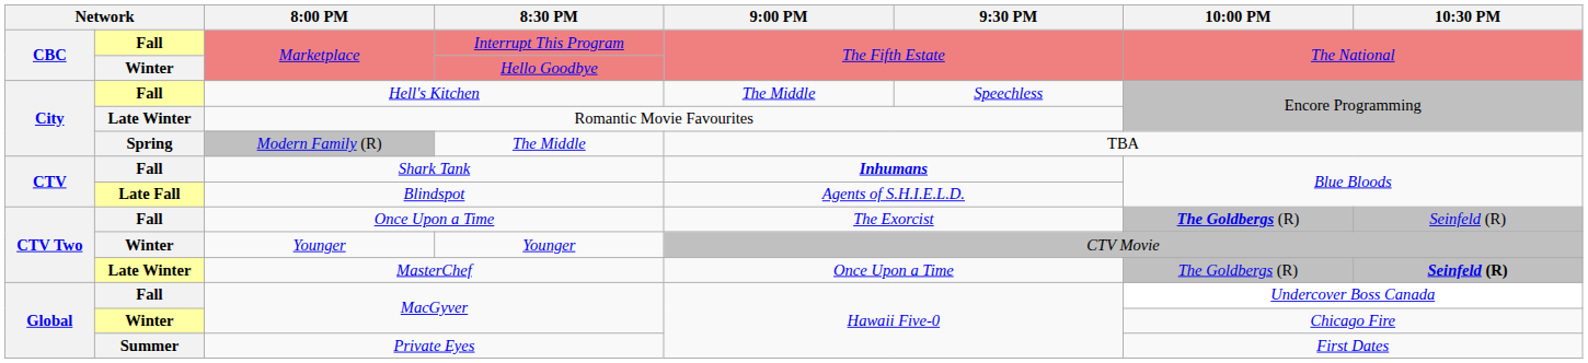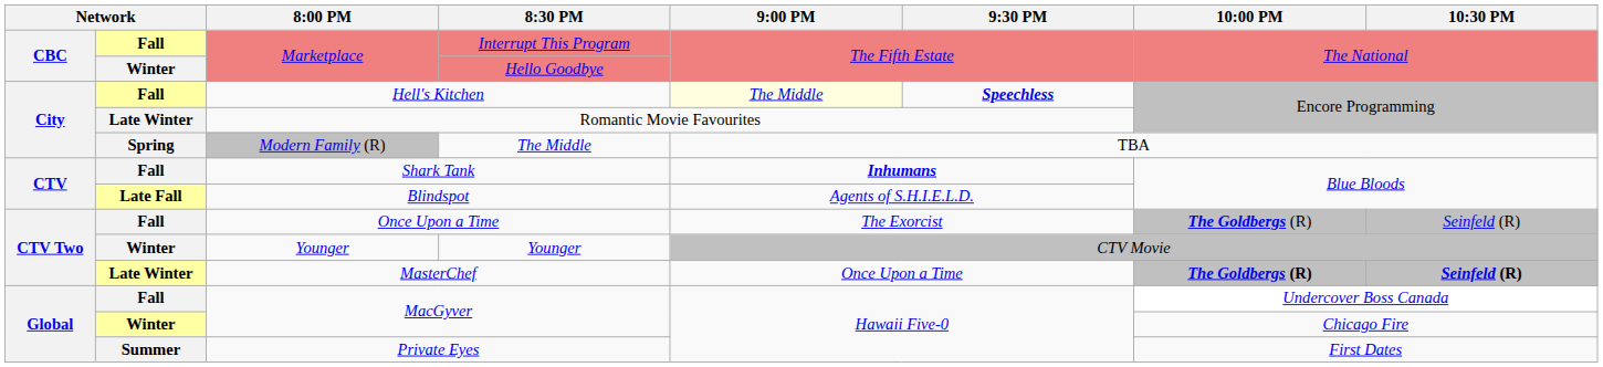 <table class="wikitable" style="width:100%;margin-right:0;text-align:center">
 <tr>
 <th colspan="2" style="width:10%;">Network</th>
 <th style="width:11.5%;">8:00 PM</th>
 <th style="width:11.5%;">8:30 PM</th>
 <th style="width:11.5%;">9:00 PM</th>
 <th style="width:11.5%;">9:30 PM</th>
 <th style="width:11.5%;">10:00 PM</th>
 <th style="width:11.5%;">10:30 PM</th>
 </tr>
 <tr>
 <th rowspan="2"><a href='#'>CBC</a></th>
 <th style="background:#FFFFA3;">Fall</th>
 <td rowspan="2" style="background:#f08080;"><em><a href='#'>Marketplace</a></em></td>
 <td style="background:#f08080;"><em><a href='#'>Interrupt This Program</a></em></td>
 <td rowspan="2" colspan="2" style="background:#f08080;"><em><a href='#'>The Fifth Estate</a></em></td>
 <td rowspan="2" colspan="2" style="background:#f08080;"><em><a href='#'>The National</a></em></td>
 </tr>
 <tr>
 <th>Winter</th>
 <td style="background:#f08080;"><em><a href='#'>Hello Goodbye</a></em> </td>
 </tr>
 <tr>
 <th rowspan="3"><a href='#'>City</a></th>
 <th style="background:#FFFFA3;">Fall</th>
 <td colspan="2"><em><a href='#'>Hell's Kitchen</a></em></td>
-<td><em><a href='#'>The Middle</a></em></td>
-<td><em><a href='#'>Speechless</a></em></td>
+<td style="background: lightyellow;"><em><a href='#'>The Middle</a></em></td>
+<td><strong><em><a href='#'>Speechless</a></em></strong></td>
 <td colspan="2" rowspan="2" style="background:silver;">Encore Programming</td>
 </tr>
 <tr>
 <th>Late Winter</th>
 <td colspan="4">Romantic Movie Favourites </td>
 </tr>
 <tr>
 <th>Spring</th>
 <td style="background:silver;"><em><a href='#'>Modern Family</a></em> (R)</td>
 <td><em><a href='#'>The Middle</a></em></td>
 <td colspan="4">TBA</td>
 </tr>
 <tr>
 <th rowspan="2"><a href='#'>CTV</a></th>
 <th>Fall</th>
 <td colspan="2"><em><a href='#'>Shark Tank</a></em></td>
 <td colspan="2"><strong><em><a href='#'>Inhumans</a></em></strong></td>
 <td rowspan="2" colspan="2"><em><a href='#'>Blue Bloods</a></em></td>
 </tr>
 <tr>
 <th style="background:#FFFFA3;">Late Fall</th>
 <td colspan="2"><em><a href='#'>Blindspot</a></em></td>
 <td colspan="2"><em><a href='#'>Agents of S.H.I.E.L.D.</a></em></td>
 </tr>
 <tr>
 <th rowspan="3"><a href='#'>CTV Two</a></th>
 <th>Fall</th>
 <td colspan="2"><em><a href='#'>Once Upon a Time</a></em></td>
 <td colspan="2"><em><a href='#'>The Exorcist</a></em></td>
 <td style="background:silver;"><strong><em><a href='#'>The Goldbergs</a></em></strong> (R)</td>
 <td style="background:silver;"><em><a href='#'>Seinfeld</a></em> (R)</td>
 </tr>
 <tr>
 <th>Winter</th>
 <td><em><a href='#'>Younger</a></em></td>
 <td><em><a href='#'>Younger</a></em></td>
 <td colspan="4" style="background:silver;"><em>CTV Movie</em></td>
 </tr>
 <tr>
 <th style="background:#FFFFA3;">Late Winter</th>
 <td colspan="2"><em><a href='#'>MasterChef</a></em></td>
 <td colspan="2"><em><a href='#'>Once Upon a Time</a></em></td>
-<td style="background:silver;"><em><a href='#'>The Goldbergs</a></em> (R)</td>
+<td style="background:silver;"><strong><em><a href='#'>The Goldbergs</a></em> (R)</strong></td>
 <td style="background:silver;"><strong><em><a href='#'>Seinfeld</a></em> (R)</strong></td>
 </tr>
 <tr>
 <th rowspan="3"><a href='#'>Global</a></th>
 <th>Fall</th>
 <td rowspan="2" colspan="2"><em><a href='#'>MacGyver</a></em></td>
 <td rowspan="3" colspan="2"><em><a href='#'>Hawaii Five-0</a></em></td>
 <td colspan="2" style="background:white;"><em><a href='#'>Undercover Boss Canada</a></em></td>
 </tr>
 <tr>
 <th style="background:#FFFFA3;">Winter</th>
 <td colspan="2"><em><a href='#'>Chicago Fire</a></em></td>
 </tr>
 <tr>
 <th>Summer</th>
 <td colspan="2"><em><a href='#'>Private Eyes</a></em></td>
 <td colspan="2"><em><a href='#'>First Dates</a></em></td>
 </tr>
 </table>
